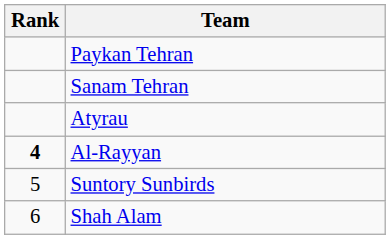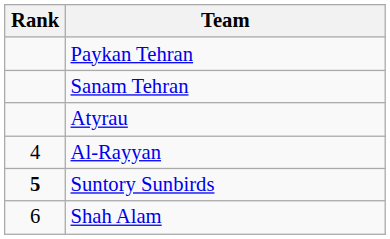 <table class="wikitable" style="text-align: center;">
 <tr>
 <th width=40>Rank</th>
 <th width=240>Team</th>
 </tr>
 <tr>
 <td></td>
 <td align="left"> <a href='#'>Paykan Tehran</a></td>
 </tr>
 <tr>
 <td></td>
 <td align="left"> <a href='#'>Sanam Tehran</a></td>
 </tr>
 <tr>
 <td></td>
 <td align="left"> <a href='#'>Atyrau</a></td>
 </tr>
 <tr>
-<td><strong>4</strong></td>
+<td>4</td>
 <td align="left"> <a href='#'>Al-Rayyan</a></td>
 </tr>
 <tr>
-<td>5</td>
+<td><strong>5</strong></td>
 <td align="left"> <a href='#'>Suntory Sunbirds</a></td>
 </tr>
 <tr>
 <td>6</td>
 <td align="left"> <a href='#'>Shah Alam</a></td>
 </tr>
 </table>
